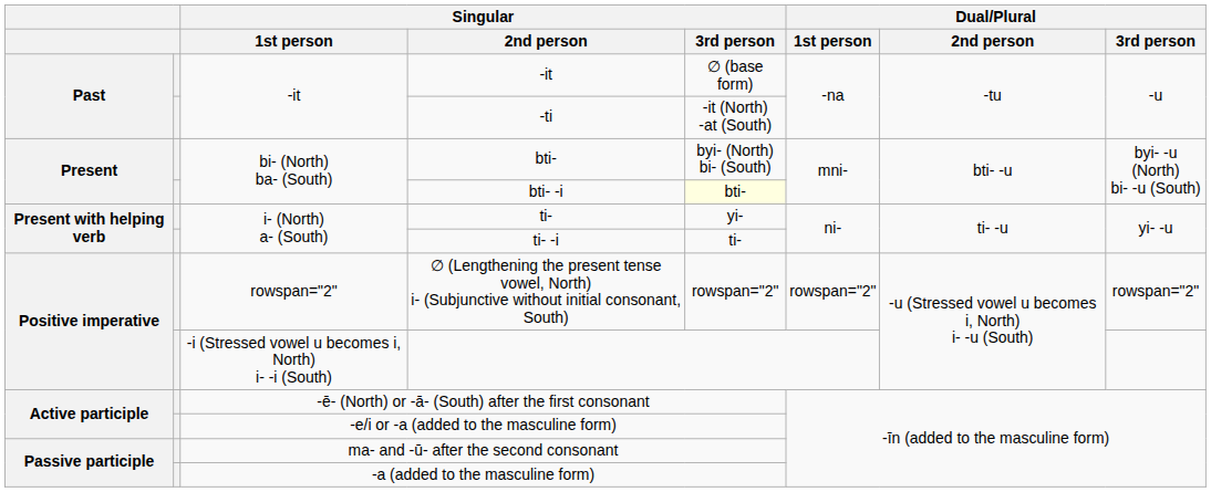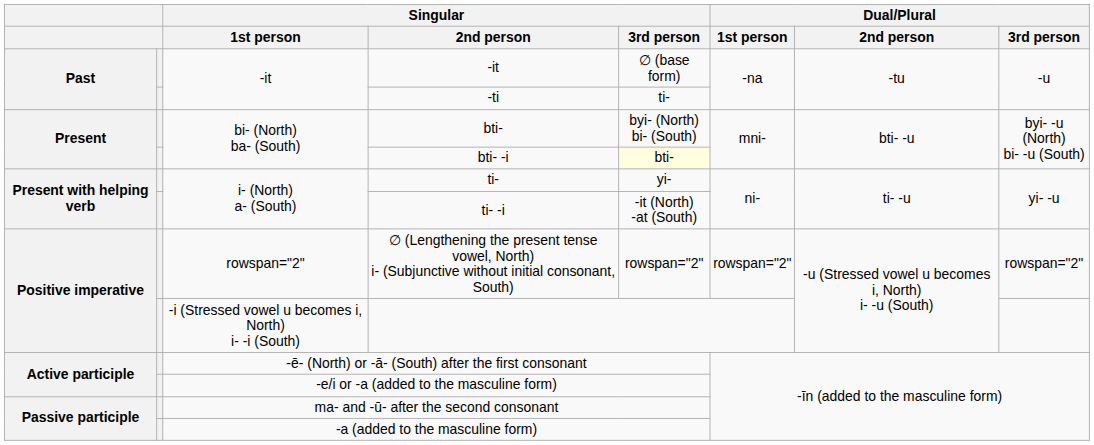 <table class="wikitable" style="text-align:center;">
 <tr>
 <th colspan="2"></th>
 <th colspan="3">Singular</th>
 <th colspan="3">Dual/Plural</th>
 </tr>
 <tr>
 <th colspan="2"></th>
 <th>1st person</th>
 <th>2nd person</th>
 <th>3rd person</th>
 <th>1st person</th>
 <th>2nd person</th>
 <th>3rd person</th>
 </tr>
 <tr>
 <th rowspan="2">Past</th>
 <th></th>
 <td rowspan="2">-it</td>
 <td>-it</td>
 <td>∅ (base form)</td>
 <td rowspan="2">-na</td>
 <td rowspan="2">-tu</td>
 <td rowspan="2">-u</td>
 </tr>
 <tr>
 <th></th>
 <td>-ti</td>
-<td>-it (North)<br>-at (South)</td>
+<td>ti-</td>
 </tr>
 <tr>
 <th rowspan="2">Present</th>
 <th></th>
 <td rowspan="2">bi- (North)<br>ba- (South)</td>
 <td>bti-</td>
 <td>byi- (North)<br>bi- (South)</td>
 <td rowspan="2">mni-</td>
 <td rowspan="2">bti- -u</td>
 <td rowspan="2">byi- -u (North)<br>bi- -u (South)</td>
 </tr>
 <tr>
 <th></th>
 <td>bti- -i</td>
 <td style="background: lightyellow;">bti-</td>
 </tr>
 <tr>
 <th rowspan="2">Present with helping verb</th>
 <th></th>
 <td rowspan="2">i- (North)<br>a- (South)</td>
 <td>ti-</td>
 <td>yi-</td>
 <td rowspan="2">ni-</td>
 <td rowspan="2">ti- -u</td>
 <td rowspan="2">yi- -u</td>
 </tr>
 <tr>
 <th></th>
 <td>ti- -i</td>
-<td>ti-</td>
+<td>-it (North)<br>-at (South)</td>
 </tr>
 <tr>
 <th rowspan="2">Positive imperative</th>
 <th></th>
 <td>rowspan="2" </td>
 <td>∅ (Lengthening the present tense vowel, North)<br>i- (Subjunctive without initial consonant, South)</td>
 <td>rowspan="2" </td>
 <td>rowspan="2" </td>
 <td rowspan="2">-u (Stressed vowel u becomes i, North)<br>i- -u (South)</td>
 <td>rowspan="2" </td>
 </tr>
 <tr>
 <th></th>
 <td>-i (Stressed vowel u becomes i, North)<br>i- -i (South)</td>
 </tr>
 <tr>
 <th rowspan="2">Active participle</th>
 <th></th>
 <td colspan="3">-ē- (North) or -ā- (South) after the first consonant</td>
 <td colspan="3" rowspan="4">-īn (added to the masculine form)</td>
 </tr>
 <tr>
 <th></th>
 <td colspan="3">-e/i or -a (added to the masculine form)</td>
 </tr>
 <tr>
 <th rowspan="2">Passive participle</th>
 <th></th>
 <td colspan="3">ma- and -ū- after the second consonant</td>
 </tr>
 <tr>
 <th></th>
 <td colspan="3">-a (added to the masculine form)</td>
 </tr>
 </table>
